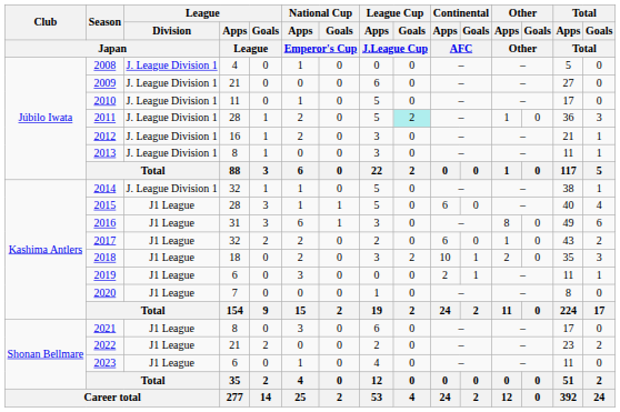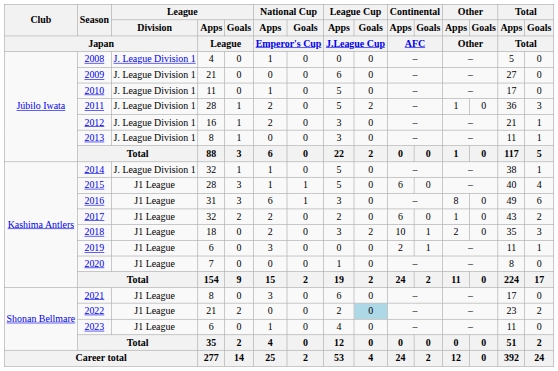 <table class="wikitable" style="text-align:center;">
 <tr>
 <th rowspan=2>Club</th>
 <th rowspan=2>Season</th>
 <th colspan=3>League</th>
 <th colspan=2>National Cup</th>
 <th colspan=2>League Cup</th>
 <th colspan=2>Continental</th>
 <th colspan=2>Other</th>
 <th colspan=2>Total</th>
 </tr>
 <tr>
 <th>Division</th>
 <th>Apps</th>
 <th>Goals</th>
 <th>Apps</th>
 <th>Goals</th>
 <th>Apps</th>
 <th>Goals</th>
 <th>Apps</th>
 <th>Goals</th>
 <th>Apps</th>
 <th>Goals</th>
 <th>Apps</th>
 <th>Goals</th>
 </tr>
 <tr>
 <th colspan=3>Japan</th>
 <th colspan=2>League</th>
 <th colspan=2><a href='#'>Emperor's Cup</a></th>
 <th colspan=2><a href='#'>J.League Cup</a></th>
 <th colspan=2><a href='#'>AFC</a></th>
 <th colspan=2>Other</th>
 <th colspan=2>Total</th>
 </tr>
 <tr>
 <td rowspan="7"><a href='#'>Júbilo Iwata</a></td>
 <td><a href='#'>2008</a></td>
 <td><a href='#'>J. League Division 1</a></td>
 <td>4</td>
 <td>0</td>
 <td>1</td>
 <td>0</td>
 <td>0</td>
 <td>0</td>
 <td colspan="2">–</td>
 <td colspan="2">–</td>
 <td>5</td>
 <td>0</td>
 </tr>
 <tr>
 <td><a href='#'>2009</a></td>
 <td>J. League Division 1</td>
 <td>21</td>
 <td>0</td>
 <td>0</td>
 <td>0</td>
 <td>6</td>
 <td>0</td>
 <td colspan="2">–</td>
 <td colspan="2">–</td>
 <td>27</td>
 <td>0</td>
 </tr>
 <tr>
 <td><a href='#'>2010</a></td>
 <td>J. League Division 1</td>
 <td>11</td>
 <td>0</td>
 <td>1</td>
 <td>0</td>
 <td>5</td>
 <td>0</td>
 <td colspan="2">–</td>
 <td colspan="2">–</td>
 <td>17</td>
 <td>0</td>
 </tr>
 <tr>
 <td><a href='#'>2011</a></td>
 <td>J. League Division 1</td>
 <td>28</td>
 <td>1</td>
 <td>2</td>
 <td>0</td>
 <td>5</td>
-<td style="background: paleturquoise;">2</td>
+<td>2</td>
 <td colspan="2">–</td>
 <td>1</td>
 <td>0</td>
 <td>36</td>
 <td>3</td>
 </tr>
 <tr>
 <td><a href='#'>2012</a></td>
 <td>J. League Division 1</td>
 <td>16</td>
 <td>1</td>
 <td>2</td>
 <td>0</td>
 <td>3</td>
 <td>0</td>
 <td colspan="2">–</td>
 <td colspan="2">–</td>
 <td>21</td>
 <td>1</td>
 </tr>
 <tr>
 <td><a href='#'>2013</a></td>
 <td>J. League Division 1</td>
 <td>8</td>
 <td>1</td>
 <td>0</td>
 <td>0</td>
 <td>3</td>
 <td>0</td>
 <td colspan="2">–</td>
 <td colspan="2">–</td>
 <td>11</td>
 <td>1</td>
 </tr>
 <tr>
 <th colspan="2">Total</th>
 <th>88</th>
 <th>3</th>
 <th>6</th>
 <th>0</th>
 <th>22</th>
 <th>2</th>
 <th>0</th>
 <th>0</th>
 <th>1</th>
 <th>0</th>
 <th>117</th>
 <th>5</th>
 </tr>
 <tr>
 <td rowspan="8"><a href='#'>Kashima Antlers</a></td>
 <td><a href='#'>2014</a></td>
 <td>J. League Division 1</td>
 <td>32</td>
 <td>1</td>
 <td>1</td>
 <td>0</td>
 <td>5</td>
 <td>0</td>
 <td colspan="2">–</td>
 <td colspan="2">–</td>
 <td>38</td>
 <td>1</td>
 </tr>
 <tr>
 <td><a href='#'>2015</a></td>
 <td>J1 League</td>
 <td>28</td>
 <td>3</td>
 <td>1</td>
 <td>1</td>
 <td>5</td>
 <td>0</td>
 <td>6</td>
 <td>0</td>
 <td colspan="2">–</td>
 <td>40</td>
 <td>4</td>
 </tr>
 <tr>
 <td><a href='#'>2016</a></td>
 <td>J1 League</td>
 <td>31</td>
 <td>3</td>
 <td>6</td>
 <td>1</td>
 <td>3</td>
 <td>0</td>
 <td colspan="2">–</td>
 <td>8</td>
 <td>0</td>
 <td>49</td>
 <td>6</td>
 </tr>
 <tr>
 <td><a href='#'>2017</a></td>
 <td>J1 League</td>
 <td>32</td>
 <td>2</td>
 <td>2</td>
 <td>0</td>
 <td>2</td>
 <td>0</td>
 <td>6</td>
 <td>0</td>
 <td>1</td>
 <td>0</td>
 <td>43</td>
 <td>2</td>
 </tr>
 <tr>
 <td><a href='#'>2018</a></td>
 <td>J1 League</td>
 <td>18</td>
 <td>0</td>
 <td>2</td>
 <td>0</td>
 <td>3</td>
 <td>2</td>
 <td>10</td>
 <td>1</td>
 <td>2</td>
 <td>0</td>
 <td>35</td>
 <td>3</td>
 </tr>
 <tr>
 <td><a href='#'>2019</a></td>
 <td>J1 League</td>
 <td>6</td>
 <td>0</td>
 <td>3</td>
 <td>0</td>
 <td>0</td>
 <td>0</td>
 <td>2</td>
 <td>1</td>
 <td colspan="2">–</td>
 <td>11</td>
 <td>1</td>
 </tr>
 <tr>
 <td><a href='#'>2020</a></td>
 <td>J1 League</td>
 <td>7</td>
 <td>0</td>
 <td>0</td>
 <td>0</td>
 <td>1</td>
 <td>0</td>
 <td colspan="2">–</td>
 <td colspan="2">–</td>
 <td>8</td>
 <td>0</td>
 </tr>
 <tr>
 <th colspan="2">Total</th>
 <th>154</th>
 <th>9</th>
 <th>15</th>
 <th>2</th>
 <th>19</th>
 <th>2</th>
 <th>24</th>
 <th>2</th>
 <th>11</th>
 <th>0</th>
 <th>224</th>
 <th>17</th>
 </tr>
 <tr>
 <td rowspan="4"><a href='#'>Shonan Bellmare</a></td>
 <td><a href='#'>2021</a></td>
 <td>J1 League</td>
 <td>8</td>
 <td>0</td>
 <td>3</td>
 <td>0</td>
 <td>6</td>
 <td>0</td>
 <td colspan="2">–</td>
 <td colspan="2">–</td>
 <td>17</td>
 <td>0</td>
 </tr>
 <tr>
 <td><a href='#'>2022</a></td>
 <td>J1 League</td>
 <td>21</td>
 <td>2</td>
 <td>0</td>
 <td>0</td>
 <td>2</td>
-<td>0</td>
+<td style="background: lightblue;">0</td>
 <td colspan="2">–</td>
 <td colspan="2">–</td>
 <td>23</td>
 <td>2</td>
 </tr>
 <tr>
 <td><a href='#'>2023</a></td>
 <td>J1 League</td>
 <td>6</td>
 <td>0</td>
 <td>1</td>
 <td>0</td>
 <td>4</td>
 <td>0</td>
 <td colspan="2">–</td>
 <td colspan="2">–</td>
 <td>11</td>
 <td>0</td>
 </tr>
 <tr>
 <th colspan="2">Total</th>
 <th>35</th>
 <th>2</th>
 <th>4</th>
 <th>0</th>
 <th>12</th>
 <th>0</th>
 <th>0</th>
 <th>0</th>
 <th>0</th>
 <th>0</th>
 <th>51</th>
 <th>2</th>
 </tr>
 <tr>
 <th colspan="3">Career total</th>
 <th>277</th>
 <th>14</th>
 <th>25</th>
 <th>2</th>
 <th>53</th>
 <th>4</th>
 <th>24</th>
 <th>2</th>
 <th>12</th>
 <th>0</th>
 <th>392</th>
 <th>24</th>
 </tr>
 </table>
